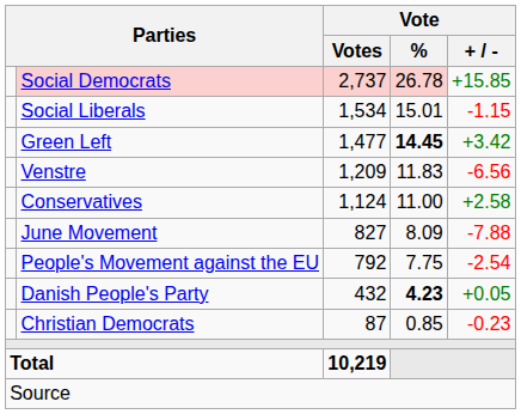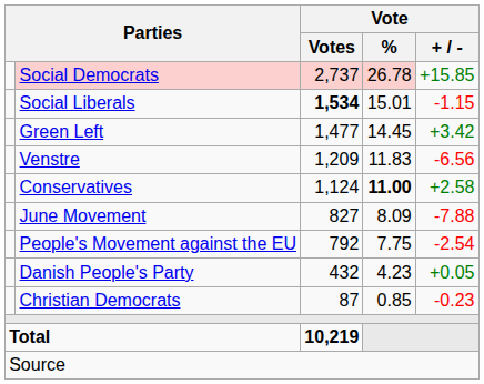 <table class="wikitable" style="text-align:right;">
 <tr>
 <th style="text-align:centre;" rowspan="2" colspan="2" width="225">Parties</th>
 <th colspan="3">Vote</th>
 </tr>
 <tr>
 <th width="15">Votes</th>
 <th width="15">%</th>
 <th width="15">+ / -</th>
 </tr>
 <tr>
 <td width="2" style="color:inherit;background:"></td>
 <td bgcolor=#fbd0ce   align="left"><a href='#'>Social Democrats</a></td>
 <td bgcolor=#fbd0ce>2,737</td>
 <td bgcolor=#fbd0ce>26.78</td>
 <td style=color:green;>+15.85</td>
 </tr>
 <tr>
 <td width="2" style="color:inherit;background:"></td>
 <td align="left"><a href='#'>Social Liberals</a></td>
-<td>1,534</td>
+<td><strong>1,534</strong></td>
 <td>15.01</td>
 <td style=color:red;>-1.15</td>
 </tr>
 <tr>
 <td width="2" style="color:inherit;background:"></td>
 <td align="left"><a href='#'>Green Left</a></td>
 <td>1,477</td>
-<td><strong>14.45</strong></td>
+<td>14.45</td>
 <td style=color:green;>+3.42</td>
 </tr>
 <tr>
 <td width="2" style="color:inherit;background:"></td>
 <td align="left"><a href='#'>Venstre</a></td>
 <td>1,209</td>
 <td>11.83</td>
 <td style=color:red;>-6.56</td>
 </tr>
 <tr>
 <td width="2" style="color:inherit;background:"></td>
 <td align="left"><a href='#'>Conservatives</a></td>
 <td>1,124</td>
-<td>11.00</td>
+<td><strong>11.00</strong></td>
 <td style=color:green;>+2.58</td>
 </tr>
 <tr>
 <td width="2" style="color:inherit;background:"></td>
 <td align="left"><a href='#'>June Movement</a></td>
 <td>827</td>
 <td>8.09</td>
 <td style=color:red;>-7.88</td>
 </tr>
 <tr>
 <td width="2" style="color:inherit;background:"></td>
 <td align="left"><a href='#'>People's Movement against the EU</a></td>
 <td>792</td>
 <td>7.75</td>
 <td style=color:red;>-2.54</td>
 </tr>
 <tr>
 <td width="2" style="color:inherit;background:"></td>
 <td align="left"><a href='#'>Danish People's Party</a></td>
 <td>432</td>
-<td><strong>4.23</strong></td>
+<td>4.23</td>
 <td style=color:green;>+0.05</td>
 </tr>
 <tr>
 <td width="2" style="color:inherit;background:"></td>
 <td align="left"><a href='#'>Christian Democrats</a></td>
 <td>87</td>
 <td>0.85</td>
 <td style=color:red;>-0.23</td>
 </tr>
 <tr>
 <td colspan="7" bgcolor="#E9E9E9"></td>
 </tr>
 <tr>
 <td align="left" colspan="2"><strong>Total</strong></td>
 <td><strong>10,219</strong></td>
 <td bgcolor="#E9E9E9" colspan="2"></td>
 </tr>
 <tr>
 <td align="left" colspan="6">Source</td>
 </tr>
 </table>
